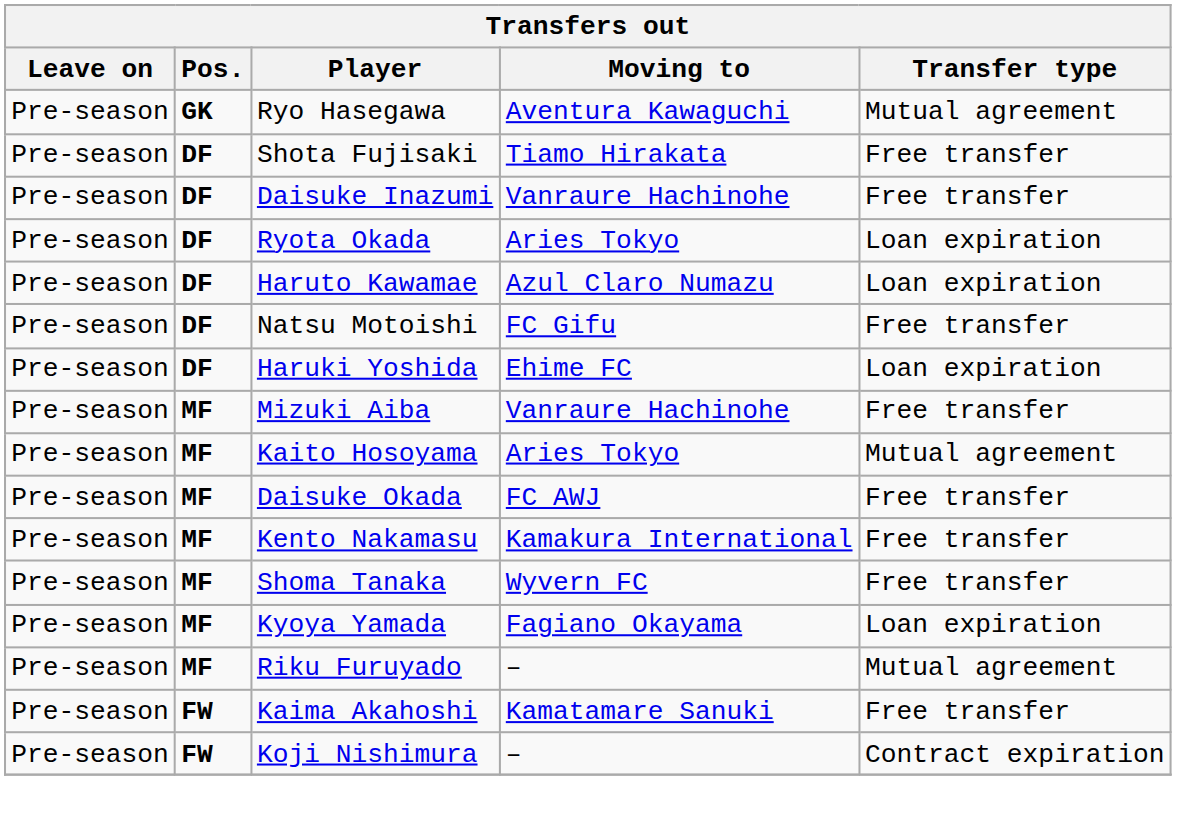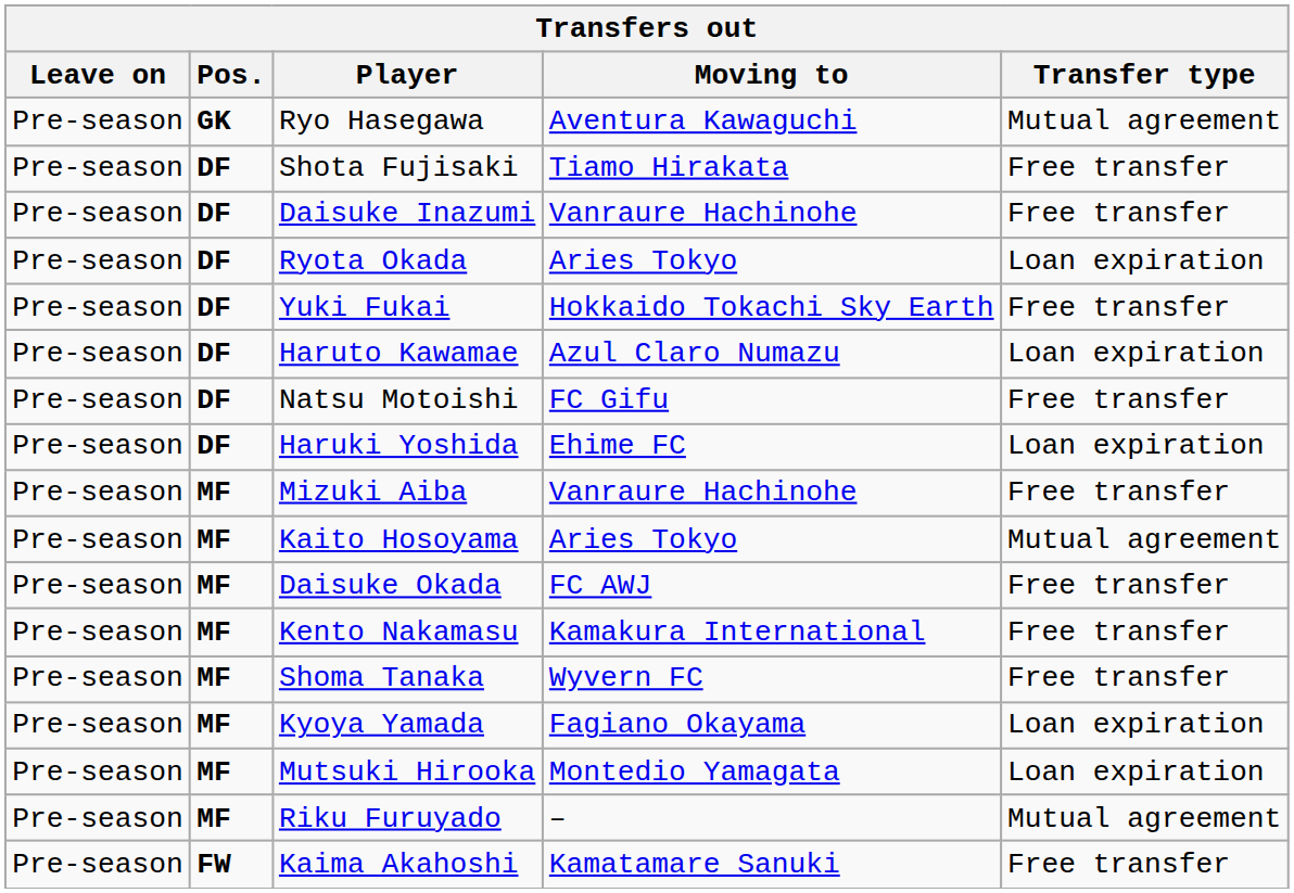 <table class="wikitable sortable" style=“text-align:left;>
 <tr>
 <th colspan="5">Transfers out</th>
 </tr>
 <tr>
 <th>Leave on</th>
 <th>Pos.</th>
 <th>Player</th>
 <th>Moving to</th>
 <th>Transfer type</th>
 </tr>
 <tr>
 <td>Pre-season</td>
 <td><strong>GK</strong></td>
 <td> Ryo Hasegawa</td>
 <td> <a href='#'>Aventura Kawaguchi</a></td>
 <td>Mutual agreement</td>
 </tr>
 <tr>
 <td>Pre-season</td>
 <td><strong>DF</strong></td>
 <td> Shota Fujisaki</td>
 <td> <a href='#'>Tiamo Hirakata</a></td>
 <td>Free transfer</td>
 </tr>
 <tr>
 <td>Pre-season</td>
 <td><strong>DF</strong></td>
 <td> <a href='#'>Daisuke Inazumi</a></td>
 <td> <a href='#'>Vanraure Hachinohe</a></td>
 <td>Free transfer</td>
 </tr>
 <tr>
 <td>Pre-season</td>
 <td><strong>DF</strong></td>
 <td> <a href='#'>Ryota Okada</a></td>
 <td> <a href='#'>Aries Tokyo</a></td>
 <td>Loan expiration</td>
+</tr>
+<tr>
+<td>Pre-season</td>
+<td><strong>DF</strong></td>
+<td> <a href='#'>Yuki Fukai</a></td>
+<td> <a href='#'>Hokkaido Tokachi Sky Earth</a></td>
+<td>Free transfer</td>
 </tr>
 <tr>
 <td>Pre-season</td>
 <td><strong>DF</strong></td>
 <td> <a href='#'>Haruto Kawamae</a></td>
 <td> <a href='#'>Azul Claro Numazu</a></td>
 <td>Loan expiration</td>
 </tr>
 <tr>
 <td>Pre-season</td>
 <td><strong>DF</strong></td>
 <td> Natsu Motoishi</td>
 <td> <a href='#'>FC Gifu</a></td>
 <td>Free transfer</td>
 </tr>
 <tr>
 <td>Pre-season</td>
 <td><strong>DF</strong></td>
 <td> <a href='#'>Haruki Yoshida</a></td>
 <td> <a href='#'>Ehime FC</a></td>
 <td>Loan expiration</td>
 </tr>
 <tr>
 <td>Pre-season</td>
 <td><strong>MF</strong></td>
 <td> <a href='#'>Mizuki Aiba</a></td>
 <td> <a href='#'>Vanraure Hachinohe</a></td>
 <td>Free transfer</td>
 </tr>
 <tr>
 <td>Pre-season</td>
 <td><strong>MF</strong></td>
 <td> <a href='#'>Kaito Hosoyama</a></td>
 <td> <a href='#'>Aries Tokyo</a></td>
 <td>Mutual agreement</td>
 </tr>
 <tr>
 <td>Pre-season</td>
 <td><strong>MF</strong></td>
 <td> <a href='#'>Daisuke Okada</a></td>
 <td> <a href='#'>FC AWJ</a></td>
 <td>Free transfer</td>
 </tr>
 <tr>
 <td>Pre-season</td>
 <td><strong>MF</strong></td>
 <td> <a href='#'>Kento Nakamasu</a></td>
 <td> <a href='#'>Kamakura International</a></td>
 <td>Free transfer</td>
 </tr>
 <tr>
 <td>Pre-season</td>
 <td><strong>MF</strong></td>
 <td> <a href='#'>Shoma Tanaka</a></td>
 <td> <a href='#'>Wyvern FC</a></td>
 <td>Free transfer</td>
 </tr>
 <tr>
 <td>Pre-season</td>
 <td><strong>MF</strong></td>
 <td> <a href='#'>Kyoya Yamada</a></td>
 <td> <a href='#'>Fagiano Okayama</a></td>
 <td>Loan expiration</td>
 </tr>
 <tr>
 <td>Pre-season</td>
 <td><strong>MF</strong></td>
+<td> <a href='#'>Mutsuki Hirooka</a></td>
+<td> <a href='#'>Montedio Yamagata</a></td>
+<td>Loan expiration</td>
+</tr>
+<tr>
+<td>Pre-season</td>
+<td><strong>MF</strong></td>
 <td> <a href='#'>Riku Furuyado</a></td>
 <td>–</td>
 <td>Mutual agreement</td>
 </tr>
 <tr>
 <td>Pre-season</td>
 <td><strong>FW</strong></td>
 <td> <a href='#'>Kaima Akahoshi</a></td>
 <td> <a href='#'>Kamatamare Sanuki</a></td>
 <td>Free transfer</td>
 </tr>
 <tr>
-<td>Pre-season</td>
-<td><strong>FW</strong></td>
-<td> <a href='#'>Koji Nishimura</a></td>
-<td>–</td>
-<td>Contract expiration</td>
-</tr>
-<tr>
 </tr>
 </table>
